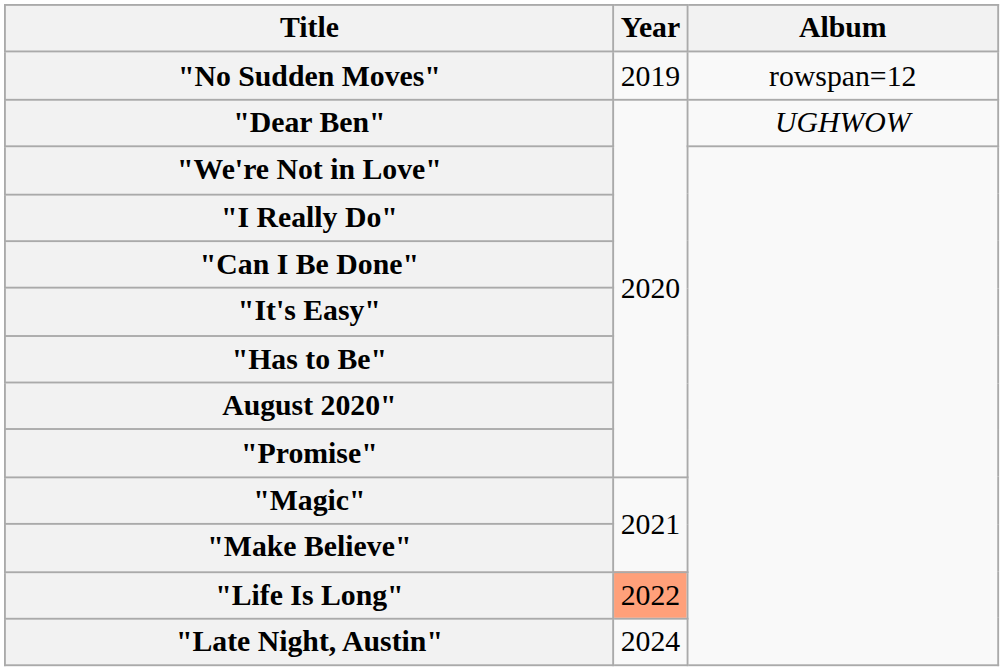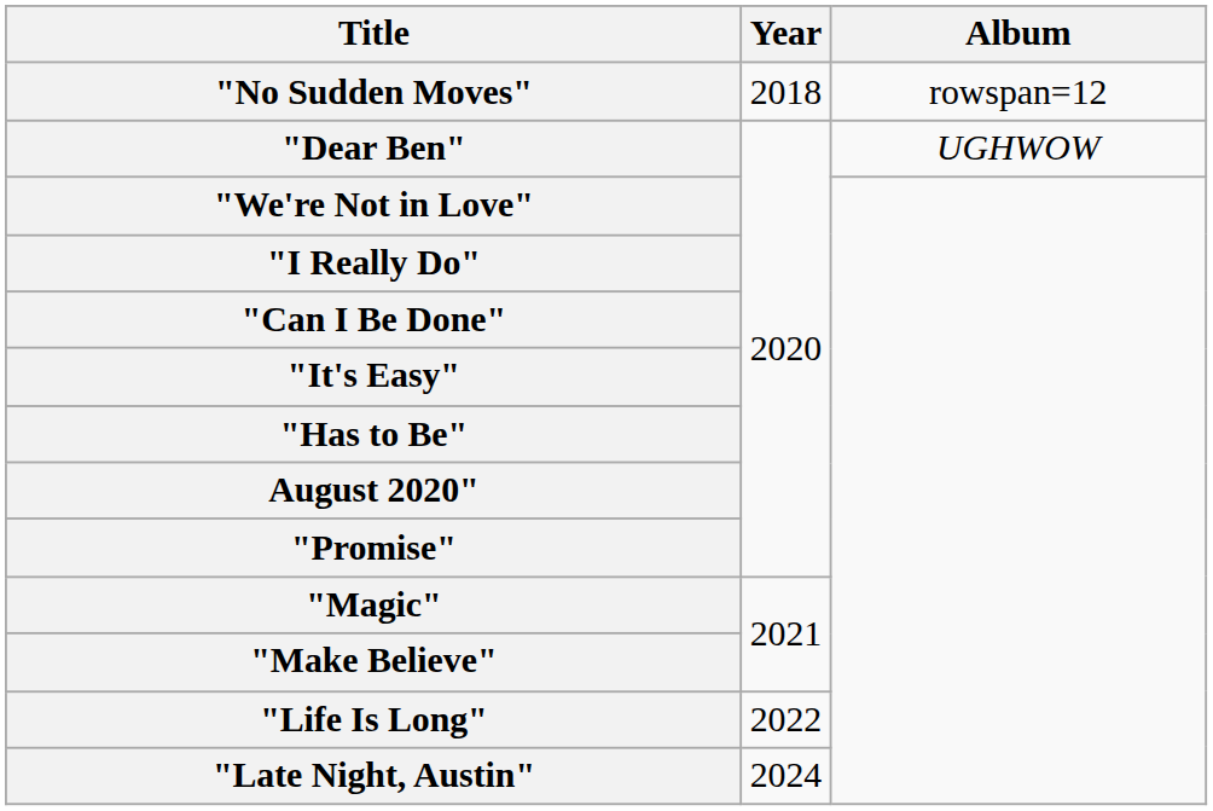 <table class="wikitable plainrowheaders" style="text-align:center;">
 <tr>
 <th rowspan="1" style="width:20em;">Title</th>
 <th rowspan="1" style="width:1em;">Year</th>
 <th rowspan="1" style="width:10em;">Album</th>
 </tr>
 <tr>
 <th scope="row">"No Sudden Moves"</th>
-<td>2019</td>
+<td>2018</td>
 <td>rowspan=12 </td>
 </tr>
 <tr>
 <th scope="row">"Dear Ben"</th>
 <td rowspan=8>2020</td>
 <td><em>UGHWOW</em></td>
 </tr>
 <tr>
 <th scope="row">"We're Not in Love"</th>
 </tr>
 <tr>
 <th scope="row">"I Really Do"</th>
 </tr>
 <tr>
 <th scope="row">"Can I Be Done"</th>
 </tr>
 <tr>
 <th scope="row">"It's Easy"</th>
 </tr>
 <tr>
 <th scope="row">"Has to Be"</th>
 </tr>
 <tr>
 <th scope="row">August 2020"</th>
 </tr>
 <tr>
 <th scope="row">"Promise"</th>
 </tr>
 <tr>
 <th scope="row">"Magic"</th>
 <td rowspan=2>2021</td>
 </tr>
 <tr>
 <th scope="row">"Make Believe"</th>
 </tr>
 <tr>
 <th scope="row">"Life Is Long"</th>
-<td style="background: lightsalmon;">2022</td>
+<td>2022</td>
 </tr>
 <tr>
 <th scope="row">"Late Night, Austin"</th>
 <td>2024</td>
 </tr>
 </table>
